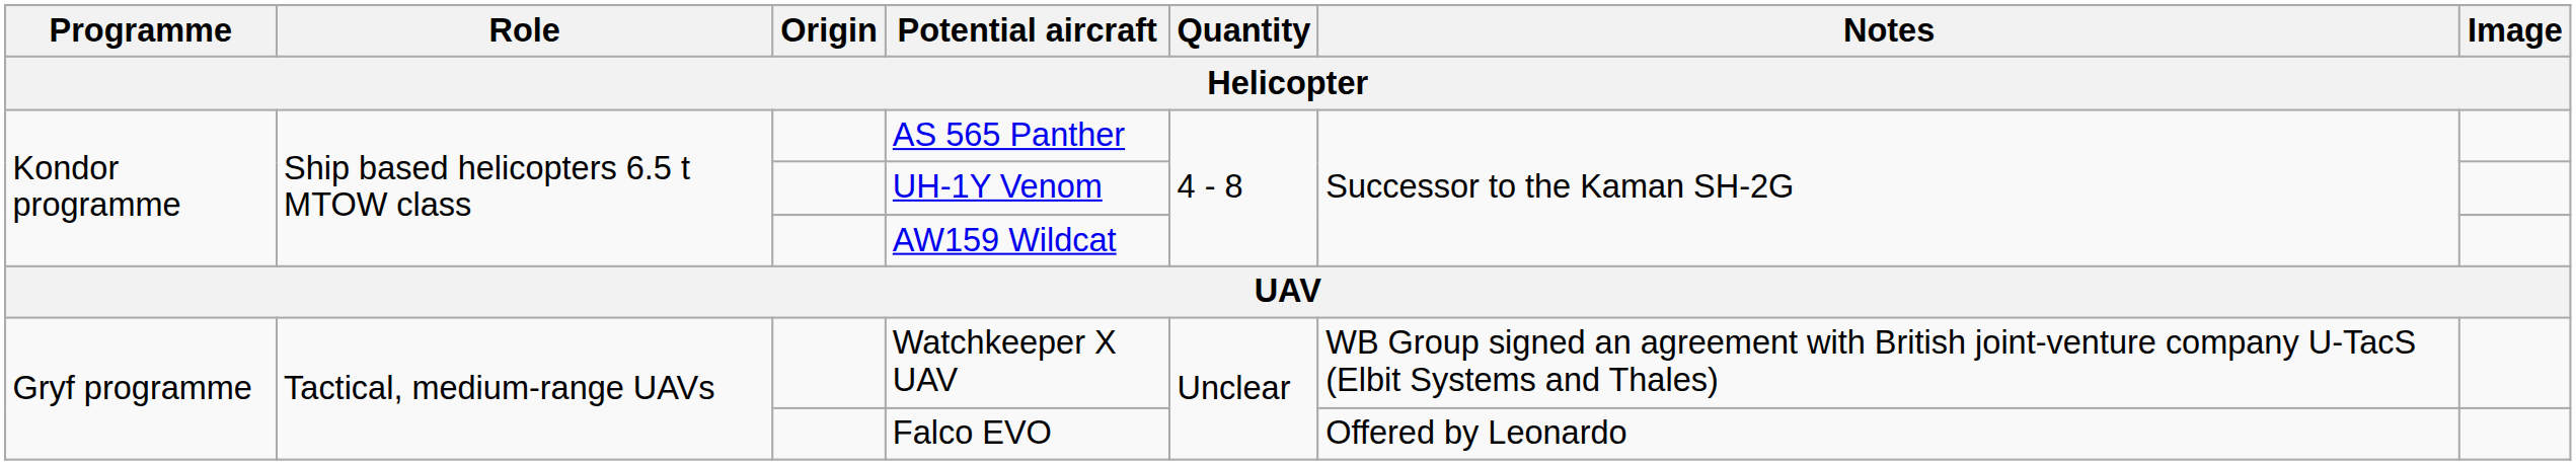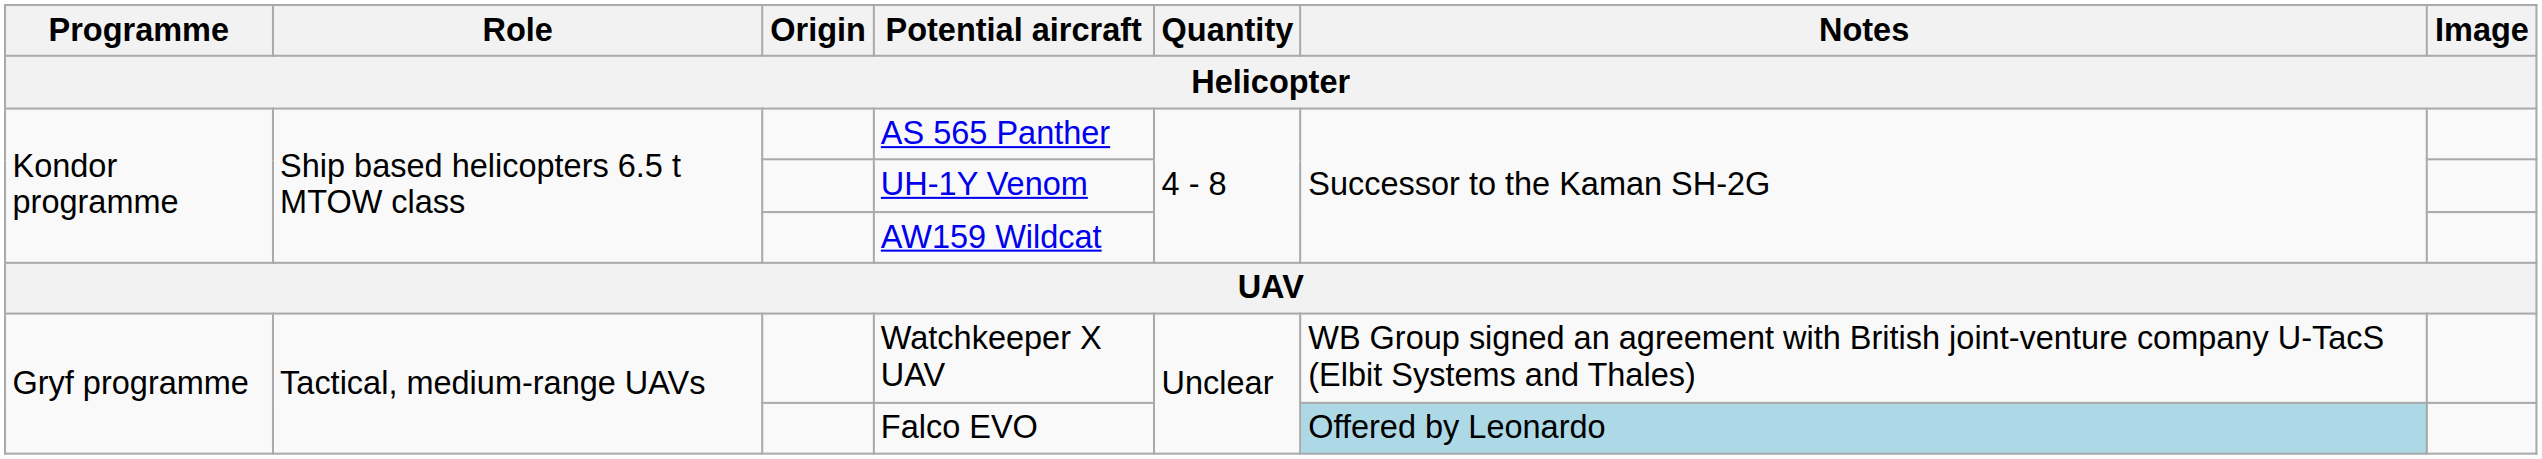 <table class="wikitable">
 <tr>
 <th>Programme</th>
 <th>Role</th>
 <th>Origin</th>
 <th>Potential aircraft</th>
 <th>Quantity</th>
 <th>Notes</th>
 <th>Image</th>
 </tr>
 <tr>
 <th colspan="7">Helicopter</th>
 </tr>
 <tr>
 <td rowspan="3">Kondor programme</td>
 <td rowspan="3">Ship based helicopters 6.5 t MTOW class</td>
 <td></td>
 <td><a href='#'>AS 565 Panther</a></td>
 <td rowspan="3">4 - 8</td>
 <td rowspan="3">Successor to the Kaman SH-2G </td>
 <td></td>
 </tr>
 <tr>
 <td></td>
 <td><a href='#'>UH-1Y Venom</a></td>
 <td></td>
 </tr>
 <tr>
 <td></td>
 <td><a href='#'>AW159 Wildcat</a></td>
 <td></td>
 </tr>
 <tr>
 <th colspan="7">UAV</th>
 </tr>
 <tr>
 <td rowspan="2">Gryf programme</td>
 <td rowspan="2">Tactical, medium-range UAVs</td>
 <td></td>
 <td>Watchkeeper X UAV</td>
 <td rowspan="2">Unclear</td>
 <td>WB Group signed an agreement with British joint-venture company U-TacS (Elbit Systems and Thales) </td>
 <td></td>
 </tr>
 <tr>
 <td></td>
 <td>Falco EVO</td>
-<td>Offered by Leonardo </td>
+<td style="background: lightblue;">Offered by Leonardo </td>
 <td></td>
 </tr>
 </table>
